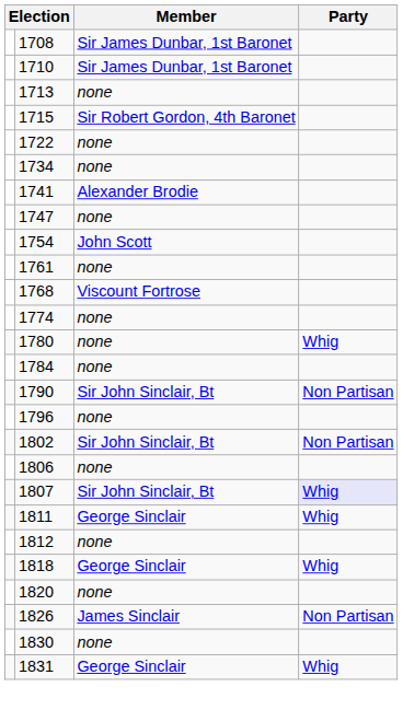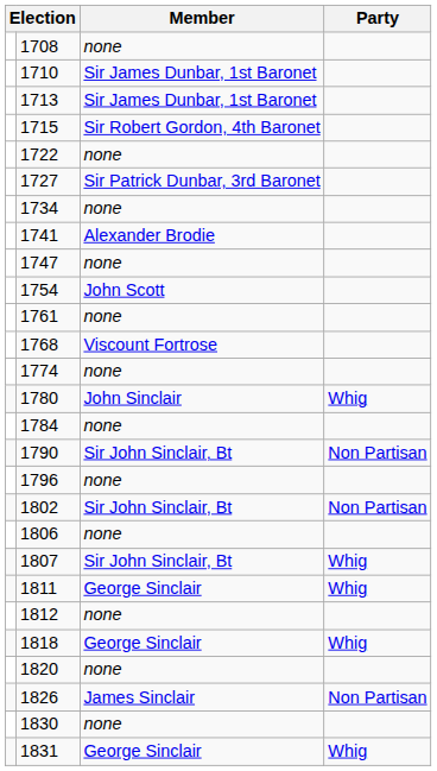 <table class="wikitable">
 <tr>
 <th colspan="2">Election</th>
 <th>Member</th>
 <th>Party</th>
 </tr>
 <tr>
 <td style="color:inherit;background-color: white"></td>
 <td>1708</td>
-<td><a href='#'>Sir James Dunbar, 1st Baronet</a></td>
+<td><em>none</em></td>
 <td></td>
 </tr>
 <tr>
 <td style="color:inherit;background-color: white"></td>
 <td>1710</td>
 <td><a href='#'>Sir James Dunbar, 1st Baronet</a></td>
 <td></td>
 </tr>
 <tr>
 <td style="color:inherit;background-color: white"></td>
 <td>1713</td>
-<td><em>none</em></td>
+<td><a href='#'>Sir James Dunbar, 1st Baronet</a></td>
 <td></td>
 </tr>
 <tr>
 <td style="color:inherit;background-color: white"></td>
 <td>1715</td>
 <td><a href='#'>Sir Robert Gordon, 4th Baronet</a></td>
 <td></td>
 </tr>
 <tr>
 <td style="color:inherit;background-color: white"></td>
 <td>1722</td>
 <td><em>none</em></td>
+<td></td>
+</tr>
+<tr>
+<td style="color:inherit;background-color: white"></td>
+<td>1727</td>
+<td><a href='#'>Sir Patrick Dunbar, 3rd Baronet</a></td>
 <td></td>
 </tr>
 <tr>
 <td style="color:inherit;background-color: white"></td>
 <td>1734</td>
 <td><em>none</em></td>
 <td></td>
 </tr>
 <tr>
 <td style="color:inherit;background-color: white"></td>
 <td>1741</td>
 <td><a href='#'>Alexander Brodie</a></td>
 <td></td>
 </tr>
 <tr>
 <td style="color:inherit;background-color: white"></td>
 <td>1747</td>
 <td><em>none</em></td>
 <td></td>
 </tr>
 <tr>
 <td style="color:inherit;background-color: white"></td>
 <td>1754</td>
 <td><a href='#'>John Scott</a></td>
 <td></td>
 </tr>
 <tr>
 <td style="color:inherit;background-color: white"></td>
 <td>1761</td>
 <td><em>none</em></td>
 <td></td>
 </tr>
 <tr>
 <td style="color:inherit;background-color: white"></td>
 <td>1768</td>
 <td><a href='#'>Viscount Fortrose</a></td>
 <td></td>
 </tr>
 <tr>
 <td style="color:inherit;background-color: white"></td>
 <td>1774</td>
 <td><em>none</em></td>
 <td></td>
 </tr>
 <tr>
 <td style="color:inherit;background-color: "></td>
 <td>1780</td>
-<td><em>none</em></td>
+<td><a href='#'>John Sinclair</a></td>
 <td><a href='#'>Whig</a></td>
 </tr>
 <tr>
 <td style="color:inherit;background-color: white"></td>
 <td>1784</td>
 <td><em>none</em></td>
 <td></td>
 </tr>
 <tr>
 <td style="color:inherit;background-color: "></td>
 <td>1790</td>
 <td><a href='#'>Sir John Sinclair, Bt</a></td>
 <td><a href='#'>Non Partisan</a></td>
 </tr>
 <tr>
 <td style="color:inherit;background-color: white"></td>
 <td>1796</td>
 <td><em>none</em></td>
 <td></td>
 </tr>
 <tr>
 <td style="color:inherit;background-color: "></td>
 <td>1802</td>
 <td><a href='#'>Sir John Sinclair, Bt</a></td>
 <td><a href='#'>Non Partisan</a></td>
 </tr>
 <tr>
 <td style="color:inherit;background-color: white"></td>
 <td>1806</td>
 <td><em>none</em></td>
 <td></td>
 </tr>
 <tr>
 <td style="color:inherit;background-color: "></td>
 <td>1807</td>
 <td><a href='#'>Sir John Sinclair, Bt</a></td>
-<td style="background: lavender;"><a href='#'>Whig</a></td>
+<td><a href='#'>Whig</a></td>
 </tr>
 <tr>
 <td style="color:inherit;background-color: "></td>
 <td>1811</td>
 <td><a href='#'>George Sinclair</a></td>
 <td><a href='#'>Whig</a></td>
 </tr>
 <tr>
 <td style="color:inherit;background-color: white"></td>
 <td>1812</td>
 <td><em>none</em></td>
 <td></td>
 </tr>
 <tr>
 <td style="color:inherit;background-color: "></td>
 <td>1818</td>
 <td><a href='#'>George Sinclair</a></td>
 <td><a href='#'>Whig</a></td>
 </tr>
 <tr>
 <td style="color:inherit;background-color: white"></td>
 <td>1820</td>
 <td><em>none</em></td>
 <td></td>
 </tr>
 <tr>
 <td style="color:inherit;background-color: "></td>
 <td>1826</td>
 <td><a href='#'>James Sinclair</a></td>
 <td><a href='#'>Non Partisan</a></td>
 </tr>
 <tr>
 <td style="color:inherit;background-color: white"></td>
 <td>1830</td>
 <td><em>none</em></td>
 <td></td>
 </tr>
 <tr>
 <td style="color:inherit;background-color: "></td>
 <td>1831</td>
 <td><a href='#'>George Sinclair</a></td>
 <td><a href='#'>Whig</a></td>
 </tr>
 </table>
